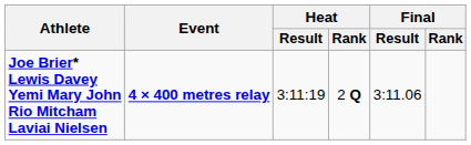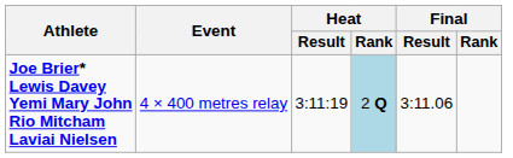 <table class="wikitable" style="font-size:90%">
 <tr>
 <th rowspan="2">Athlete</th>
 <th rowspan="2">Event</th>
 <th colspan="2">Heat</th>
 <th colspan="2">Final</th>
 </tr>
 <tr style="font-size:95%">
 <th>Result</th>
 <th>Rank</th>
 <th>Result</th>
 <th>Rank</th>
 </tr>
 <tr align=center>
 <td align=left><strong><a href='#'>Joe Brier</a>*<br><a href='#'>Lewis Davey</a><br><a href='#'>Yemi Mary John</a><br><a href='#'>Rio Mitcham</a><br><a href='#'>Laviai Nielsen</a></strong></td>
-<td align=left><strong><a href='#'>4 × 400 metres relay</a></strong></td>
+<td align=left><a href='#'>4 × 400 metres relay</a></td>
 <td>3:11:19   <strong></strong></td>
-<td>2 <strong>Q</strong></td>
+<td style="background: lightblue;">2 <strong>Q</strong></td>
 <td>3:11.06  <strong></strong></td>
 <td></td>
 </tr>
 </table>
